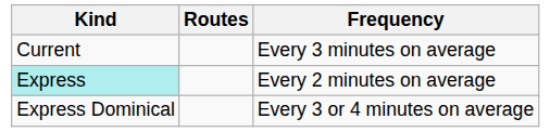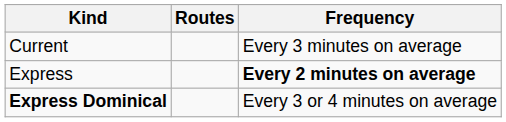 <table class="wikitable" style="margin: 1em auto;">
 <tr>
 <th>Kind</th>
 <th>Routes</th>
 <th>Frequency</th>
 </tr>
 <tr>
 <td>Current</td>
 <td></td>
 <td>Every 3 minutes on average</td>
 </tr>
 <tr>
-<td style="background: paleturquoise;">Express</td>
+<td>Express</td>
 <td> </td>
-<td>Every 2 minutes on average</td>
+<td><strong>Every 2 minutes on average</strong></td>
 </tr>
 <tr>
-<td>Express Dominical</td>
+<td><strong>Express Dominical</strong></td>
 <td></td>
 <td>Every 3 or 4 minutes on average</td>
 </tr>
 </table>
